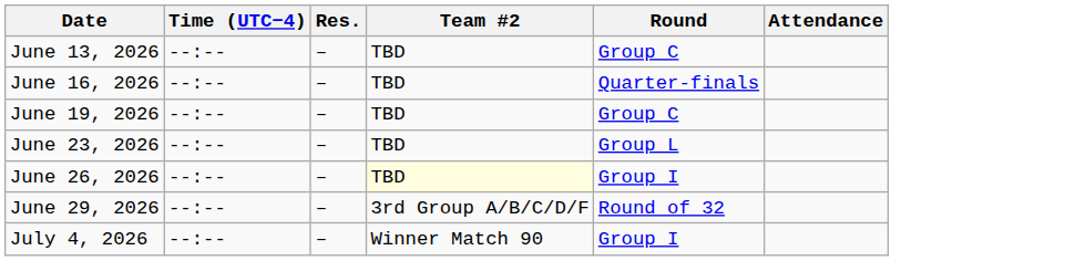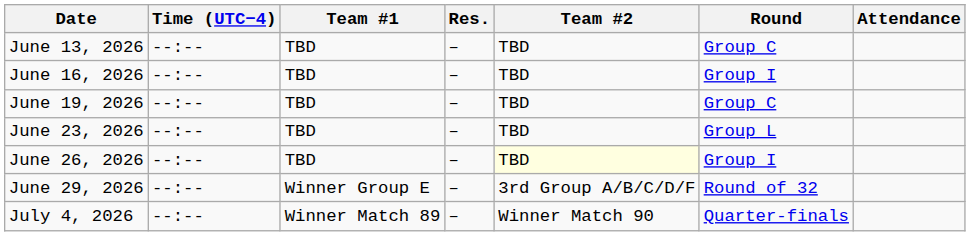 <table class="wikitable sortable">
 <tr>
 <th style="text-align:center; ">Date</th>
 <th style="text-align:center; ">Time (<a href='#'>UTC−4</a>)</th>
+<th style="text-align:center; ">Team #1</th>
 <th style="text-align:center; ">Res.</th>
 <th style="text-align:center; ">Team #2</th>
 <th style="text-align:center; ">Round</th>
 <th>Attendance</th>
 </tr>
 <tr>
 <td>June 13, 2026</td>
 <td>--:--</td>
+<td>TBD</td>
 <td>–</td>
 <td>TBD</td>
 <td><a href='#'>Group C</a></td>
 <td></td>
 </tr>
 <tr>
 <td>June 16, 2026</td>
 <td>--:--</td>
+<td>TBD</td>
 <td>–</td>
 <td>TBD</td>
-<td><a href='#'>Quarter-finals</a></td>
+<td><a href='#'>Group I</a></td>
 <td></td>
 </tr>
 <tr>
 <td>June 19, 2026</td>
 <td>--:--</td>
+<td>TBD</td>
 <td>–</td>
 <td>TBD</td>
 <td><a href='#'>Group C</a></td>
 <td></td>
 </tr>
 <tr>
 <td>June 23, 2026</td>
 <td>--:--</td>
+<td>TBD</td>
 <td>–</td>
 <td>TBD</td>
 <td><a href='#'>Group L</a></td>
 <td></td>
 </tr>
 <tr>
 <td>June 26, 2026</td>
 <td>--:--</td>
+<td>TBD</td>
 <td>–</td>
 <td style="background: lightyellow;">TBD</td>
 <td><a href='#'>Group I</a></td>
 <td></td>
 </tr>
 <tr>
 <td>June 29, 2026</td>
 <td>--:--</td>
+<td>Winner Group E</td>
 <td>–</td>
 <td>3rd Group A/B/C/D/F</td>
 <td><a href='#'>Round of 32</a></td>
 <td></td>
 </tr>
 <tr>
 <td>July 4, 2026</td>
 <td>--:--</td>
+<td>Winner Match 89</td>
 <td>–</td>
 <td>Winner Match 90</td>
-<td><a href='#'>Group I</a></td>
+<td><a href='#'>Quarter-finals</a></td>
 <td></td>
 </tr>
 </table>
